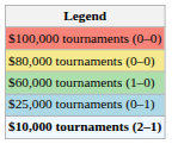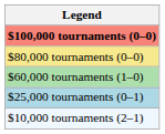 <table class=wikitable style=font-size:85%>
 <tr>
 <th>Legend</th>
 </tr>
 <tr bgcolor=F88379>
-<td>$100,000 tournaments (0–0)</td>
+<td><strong>$100,000 tournaments (0–0)</strong></td>
 </tr>
 <tr bgcolor=F7E98E>
 <td>$80,000 tournaments (0–0)</td>
 </tr>
 <tr bgcolor=ADDFAD>
 <td>$60,000 tournaments (1–0)</td>
 </tr>
 <tr bgcolor=lightblue>
 <td>$25,000 tournaments (0–1)</td>
 </tr>
 <tr bgcolor=f0f8ff>
-<td><strong>$10,000 tournaments (2–1)</strong></td>
+<td>$10,000 tournaments (2–1)</td>
 </tr>
 </table>
